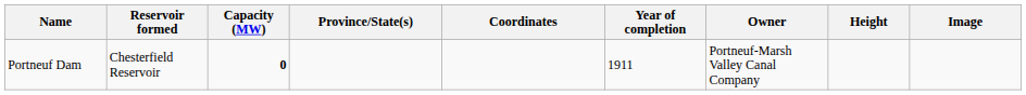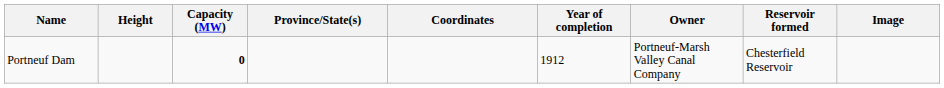 <table class="wikitable sortable" border="1">
 <tr>
 <th width="10%">Name</th>
-<th width="10%">Reservoir formed</th>
+<th width="8%">Height</th>
 <th width="8%">Capacity (<a href='#'>MW</a>)</th>
 <th width="15%">Province/State(s)</th>
 <th width="16%">Coordinates</th>
 <th width="10%">Year of completion</th>
 <th width="12%">Owner</th>
-<th width="8%">Height</th>
+<th width="10%">Reservoir formed</th>
 <th>Image</th>
 </tr>
 <tr>
 <td>Portneuf Dam</td>
-<td>Chesterfield Reservoir</td>
+<td></td>
 <td align="right"><strong>0</strong></td>
 <td></td>
 <td></td>
-<td>1911</td>
+<td>1912</td>
 <td>Portneuf-Marsh Valley Canal Company</td>
-<td></td>
+<td>Chesterfield Reservoir</td>
 <td></td>
 </tr>
 </table>
